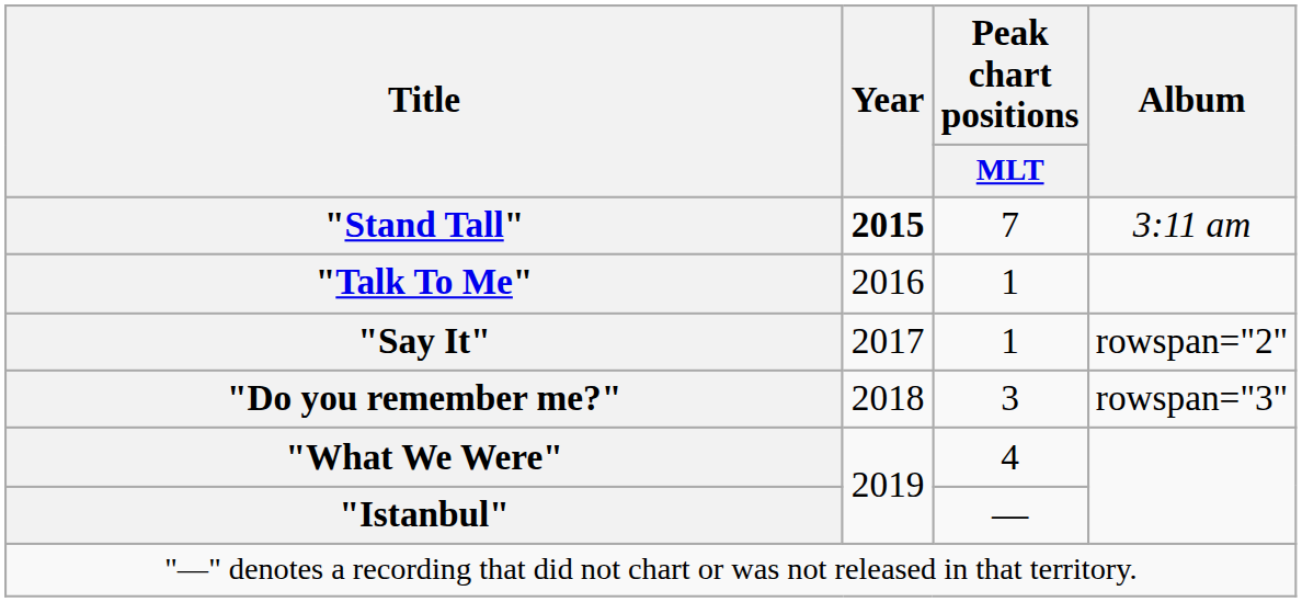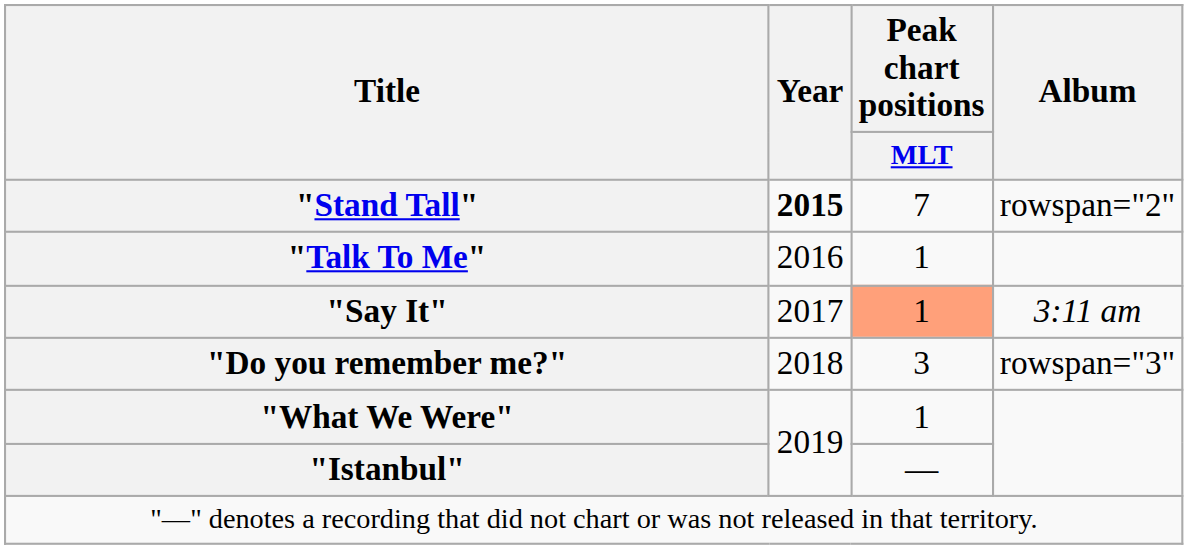 <table class="wikitable plainrowheaders" style="text-align:center;">
 <tr>
 <th scope="col" rowspan="2" style="width:22.5em">Title</th>
 <th scope="col" rowspan="2">Year</th>
 <th scope="col">Peak chart positions</th>
 <th scope="col" rowspan="2">Album</th>
 </tr>
 <tr>
 <th scope="col" style="width:3em;font-size:85%;"><a href='#'>MLT</a><br></th>
 </tr>
 <tr>
 <th scope="row">"<a href='#'>Stand Tall</a>"</th>
 <td><strong>2015</strong></td>
 <td>7</td>
-<td><em>3:11 am</em></td>
+<td>rowspan="2" </td>
 </tr>
 <tr>
 <th scope="row">"<a href='#'>Talk To Me</a>"</th>
 <td>2016</td>
 <td>1</td>
 </tr>
 <tr>
 <th scope="row">"Say It"</th>
 <td>2017</td>
-<td>1</td>
-<td>rowspan="2" </td>
+<td style="background: lightsalmon;">1</td>
+<td><em>3:11 am</em></td>
 </tr>
 <tr>
 <th scope="row">"Do you remember me?"</th>
 <td>2018</td>
 <td>3</td>
 <td>rowspan="3" </td>
 </tr>
 <tr>
 <th scope="row">"What We Were"</th>
 <td rowspan="2">2019</td>
-<td>4</td>
+<td>1</td>
 </tr>
 <tr>
 <th scope="row">"Istanbul"</th>
 <td>—</td>
 </tr>
 <tr>
 <td colspan="4" style="font-size:85%">"—" denotes a recording that did not chart or was not released in that territory.</td>
 </tr>
 </table>
